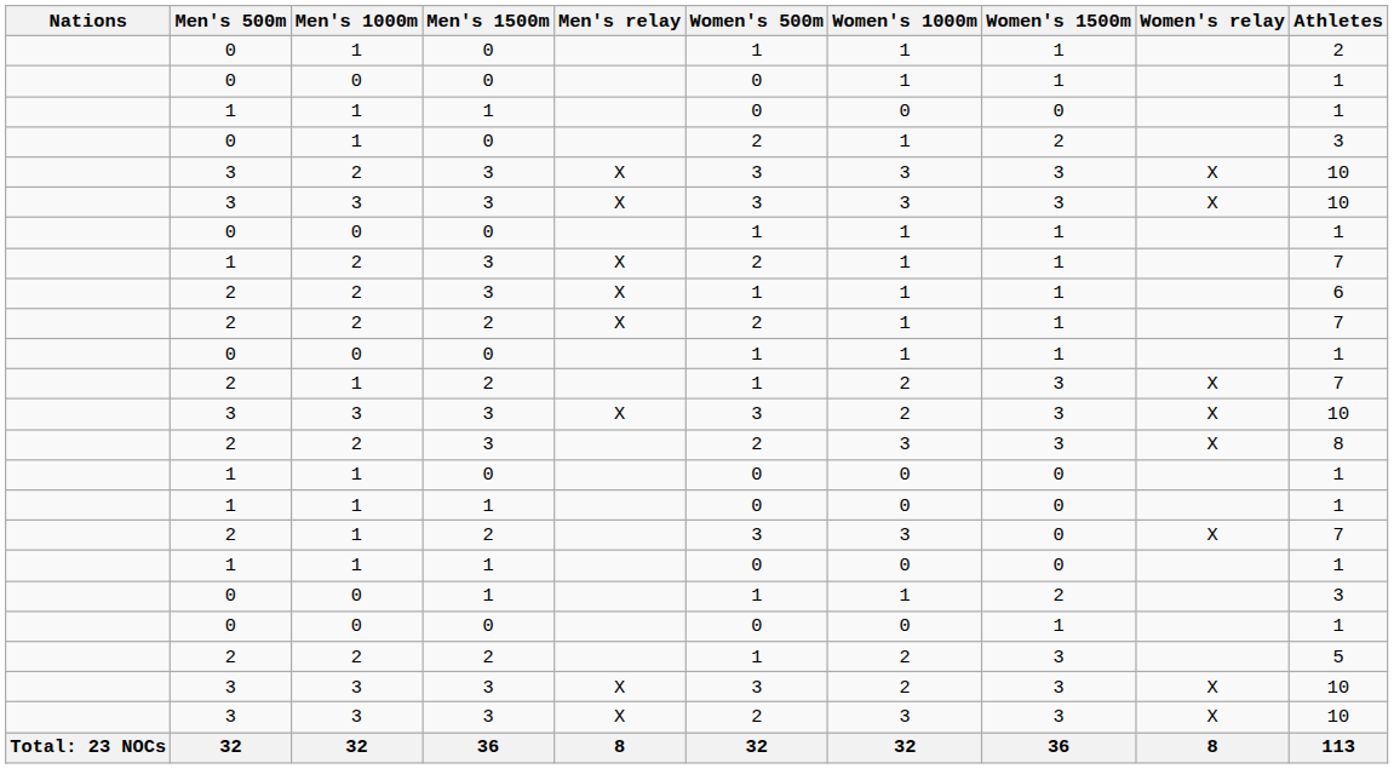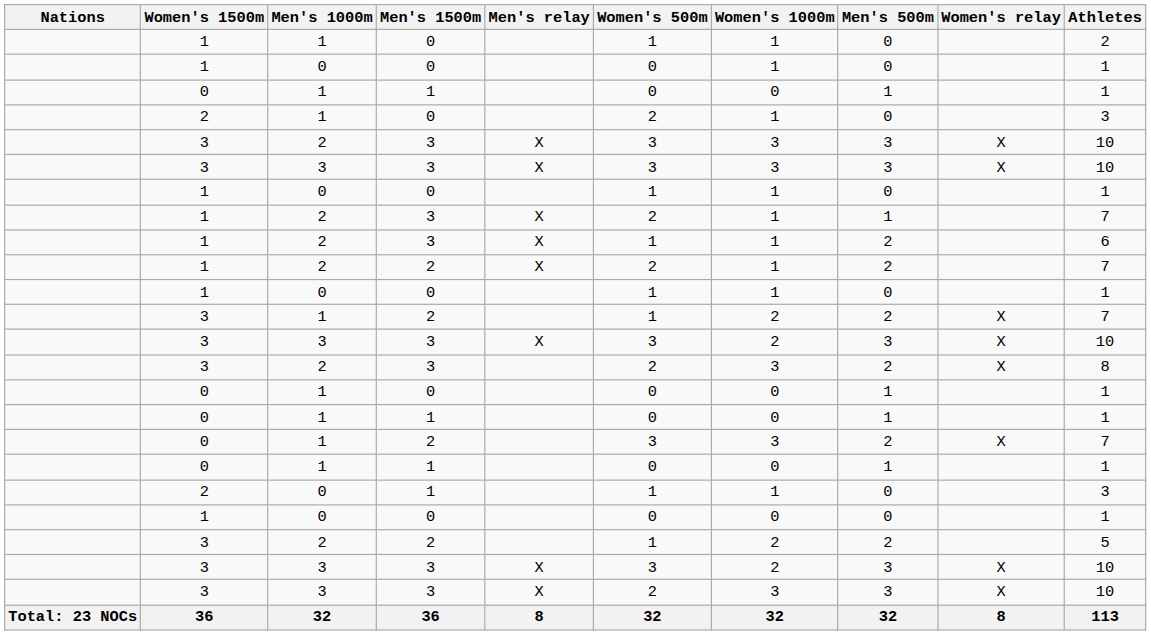 <table class="wikitable sortable" style="text-align:center;">
 <tr>
 <th>Nations</th>
-<th>Men's 500m</th>
+<th>Women's 1500m</th>
 <th>Men's 1000m</th>
 <th>Men's 1500m</th>
 <th>Men's relay</th>
 <th>Women's 500m</th>
 <th>Women's 1000m</th>
-<th>Women's 1500m</th>
+<th>Men's 500m</th>
 <th>Women's relay</th>
 <th>Athletes</th>
 </tr>
 <tr>
 <td align=left></td>
-<td>0</td>
+<td>1</td>
 <td>1</td>
 <td>0</td>
 <td></td>
 <td>1</td>
 <td>1</td>
-<td>1</td>
+<td>0</td>
 <td></td>
 <td>2</td>
 </tr>
 <tr>
 <td align=left></td>
-<td>0</td>
+<td>1</td>
 <td>0</td>
 <td>0</td>
 <td></td>
 <td>0</td>
 <td>1</td>
-<td>1</td>
-<td></td>
-<td>1</td>
-</tr>
-<tr>
-<td align=left></td>
-<td>1</td>
-<td>1</td>
-<td>1</td>
-<td></td>
-<td>0</td>
-<td>0</td>
 <td>0</td>
 <td></td>
 <td>1</td>
 </tr>
 <tr>
 <td align=left></td>
 <td>0</td>
 <td>1</td>
+<td>1</td>
+<td></td>
+<td>0</td>
+<td>0</td>
+<td>1</td>
+<td></td>
+<td>1</td>
+</tr>
+<tr>
+<td align=left></td>
+<td>2</td>
+<td>1</td>
 <td>0</td>
 <td></td>
 <td>2</td>
 <td>1</td>
-<td>2</td>
+<td>0</td>
 <td></td>
 <td>3</td>
 </tr>
 <tr>
 <td align=left></td>
 <td>3</td>
 <td>2</td>
 <td>3</td>
 <td>X</td>
 <td>3</td>
 <td>3</td>
 <td>3</td>
 <td>X</td>
 <td>10</td>
 </tr>
 <tr>
 <td align=left></td>
 <td>3</td>
 <td>3</td>
 <td>3</td>
 <td>X</td>
 <td>3</td>
 <td>3</td>
 <td>3</td>
 <td>X</td>
 <td>10</td>
 </tr>
 <tr>
 <td align=left></td>
-<td>0</td>
+<td>1</td>
 <td>0</td>
 <td>0</td>
 <td></td>
 <td>1</td>
 <td>1</td>
-<td>1</td>
+<td>0</td>
 <td></td>
 <td>1</td>
 </tr>
 <tr>
 <td align=left></td>
 <td>1</td>
 <td>2</td>
 <td>3</td>
 <td>X</td>
 <td>2</td>
 <td>1</td>
 <td>1</td>
 <td></td>
 <td>7</td>
 </tr>
 <tr>
 <td align=left></td>
-<td>2</td>
+<td>1</td>
 <td>2</td>
 <td>3</td>
 <td>X</td>
 <td>1</td>
 <td>1</td>
-<td>1</td>
+<td>2</td>
 <td></td>
 <td>6</td>
 </tr>
 <tr>
 <td align=left></td>
-<td>2</td>
+<td>1</td>
 <td>2</td>
 <td>2</td>
 <td>X</td>
 <td>2</td>
 <td>1</td>
-<td>1</td>
+<td>2</td>
 <td></td>
 <td>7</td>
 </tr>
 <tr>
 <td align=left></td>
-<td>0</td>
+<td>1</td>
 <td>0</td>
 <td>0</td>
 <td></td>
 <td>1</td>
 <td>1</td>
-<td>1</td>
+<td>0</td>
 <td></td>
 <td>1</td>
 </tr>
 <tr>
 <td align=left></td>
-<td>2</td>
+<td>3</td>
 <td>1</td>
 <td>2</td>
 <td></td>
 <td>1</td>
 <td>2</td>
-<td>3</td>
+<td>2</td>
 <td>X</td>
 <td>7</td>
 </tr>
 <tr>
 <td align=left></td>
 <td>3</td>
 <td>3</td>
 <td>3</td>
 <td>X</td>
 <td>3</td>
 <td>2</td>
 <td>3</td>
 <td>X</td>
 <td>10</td>
 </tr>
 <tr>
 <td align=left></td>
-<td>2</td>
+<td>3</td>
 <td>2</td>
 <td>3</td>
 <td></td>
 <td>2</td>
 <td>3</td>
-<td>3</td>
+<td>2</td>
 <td>X</td>
 <td>8</td>
 </tr>
 <tr>
 <td align=left></td>
+<td>0</td>
+<td>1</td>
+<td>0</td>
+<td></td>
+<td>0</td>
+<td>0</td>
+<td>1</td>
+<td></td>
+<td>1</td>
+</tr>
+<tr>
+<td align=left></td>
+<td>0</td>
 <td>1</td>
 <td>1</td>
+<td></td>
+<td>0</td>
+<td>0</td>
+<td>1</td>
+<td></td>
+<td>1</td>
+</tr>
+<tr>
+<td align=left></td>
+<td>0</td>
+<td>1</td>
+<td>2</td>
+<td></td>
+<td>3</td>
+<td>3</td>
+<td>2</td>
+<td>X</td>
+<td>7</td>
+</tr>
+<tr>
+<td align=left></td>
+<td>0</td>
+<td>1</td>
+<td>1</td>
+<td></td>
+<td>0</td>
+<td>0</td>
+<td>1</td>
+<td></td>
+<td>1</td>
+</tr>
+<tr>
+<td align=left></td>
+<td>2</td>
+<td>0</td>
+<td>1</td>
+<td></td>
+<td>1</td>
+<td>1</td>
+<td>0</td>
+<td></td>
+<td>3</td>
+</tr>
+<tr>
+<td align=left></td>
+<td>1</td>
+<td>0</td>
 <td>0</td>
 <td></td>
 <td>0</td>
 <td>0</td>
 <td>0</td>
 <td></td>
 <td>1</td>
 </tr>
 <tr>
 <td align=left></td>
-<td>1</td>
-<td>1</td>
-<td>1</td>
-<td></td>
-<td>0</td>
-<td>0</td>
-<td>0</td>
-<td></td>
-<td>1</td>
-</tr>
-<tr>
-<td align=left></td>
-<td>2</td>
-<td>1</td>
-<td>2</td>
-<td></td>
 <td>3</td>
-<td>3</td>
-<td>0</td>
-<td>X</td>
-<td>7</td>
-</tr>
-<tr>
-<td align=left></td>
-<td>1</td>
-<td>1</td>
-<td>1</td>
-<td></td>
-<td>0</td>
-<td>0</td>
-<td>0</td>
-<td></td>
-<td>1</td>
-</tr>
-<tr>
-<td align=left></td>
-<td>0</td>
-<td>0</td>
-<td>1</td>
-<td></td>
-<td>1</td>
-<td>1</td>
-<td>2</td>
-<td></td>
-<td>3</td>
-</tr>
-<tr>
-<td align=left></td>
-<td>0</td>
-<td>0</td>
-<td>0</td>
-<td></td>
-<td>0</td>
-<td>0</td>
-<td>1</td>
-<td></td>
-<td>1</td>
-</tr>
-<tr>
-<td align=left></td>
-<td>2</td>
 <td>2</td>
 <td>2</td>
 <td></td>
 <td>1</td>
 <td>2</td>
-<td>3</td>
+<td>2</td>
 <td></td>
 <td>5</td>
 </tr>
 <tr>
 <td align=left></td>
 <td>3</td>
 <td>3</td>
 <td>3</td>
 <td>X</td>
 <td>3</td>
 <td>2</td>
 <td>3</td>
 <td>X</td>
 <td>10</td>
 </tr>
 <tr>
 <td align=left></td>
 <td>3</td>
 <td>3</td>
 <td>3</td>
 <td>X</td>
 <td>2</td>
 <td>3</td>
 <td>3</td>
 <td>X</td>
 <td>10</td>
 </tr>
 <tr>
 <th>Total: 23 NOCs</th>
-<th>32</th>
+<th>36</th>
 <th>32</th>
 <th>36</th>
 <th>8</th>
 <th>32</th>
 <th>32</th>
-<th>36</th>
+<th>32</th>
 <th>8</th>
 <th>113</th>
 </tr>
 </table>
